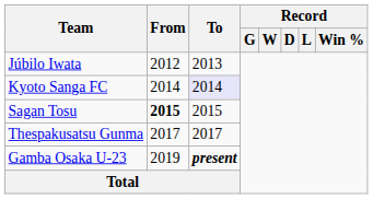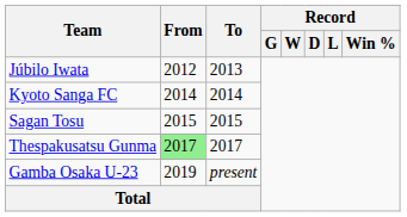 <table class="wikitable" style="text-align: center">
 <tr>
 <th rowspan="2">Team</th>
 <th rowspan="2">From</th>
 <th rowspan="2">To</th>
 <th colspan="5">Record</th>
 </tr>
 <tr>
 <th>G</th>
 <th>W</th>
 <th>D</th>
 <th>L</th>
 <th>Win %</th>
 </tr>
 <tr>
 <td align="left"><a href='#'>Júbilo Iwata</a></td>
 <td align="left">2012</td>
 <td align="left">2013<br></td>
 </tr>
 <tr>
 <td align="left"><a href='#'>Kyoto Sanga FC</a></td>
 <td align="left">2014</td>
-<td align="left" style="background: lavender;">2014<br></td>
+<td align="left">2014<br></td>
 </tr>
 <tr>
 <td align="left"><a href='#'>Sagan Tosu</a></td>
-<td align="left"><strong>2015</strong></td>
+<td align="left">2015</td>
 <td align="left">2015<br></td>
 </tr>
 <tr>
 <td align="left"><a href='#'>Thespakusatsu Gunma</a></td>
-<td align="left">2017</td>
+<td align="left" style="background: lightgreen;">2017</td>
 <td align="left">2017<br></td>
 </tr>
 <tr>
 <td align="left"><a href='#'>Gamba Osaka U-23</a></td>
 <td align="left">2019</td>
-<td align="left"><strong><em>present</em><br></strong></td>
+<td align="left"><em>present</em><br></td>
 </tr>
 <tr>
 <th colspan="3">Total<br></th>
 </tr>
 </table>
